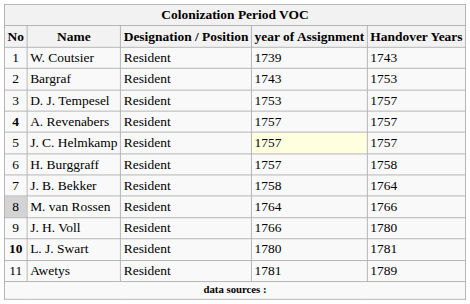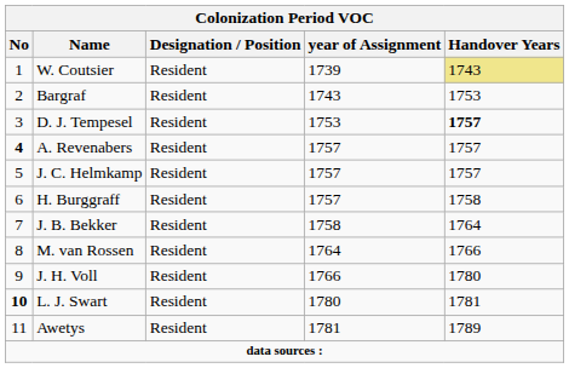 <table class="wikitable">
 <tr>
 <th colspan="5">Colonization Period VOC</th>
 </tr>
 <tr>
 <th>No</th>
 <th>Name</th>
 <th>Designation / Position</th>
 <th>year of Assignment</th>
 <th>Handover Years</th>
 </tr>
 <tr>
 <td style="text-align:center;">1</td>
 <td>W. Coutsier</td>
 <td>Resident</td>
 <td>1739</td>
-<td>1743</td>
+<td style="background: khaki;">1743</td>
 </tr>
 <tr>
 <td style="text-align:center;">2</td>
 <td>Bargraf</td>
 <td>Resident</td>
 <td>1743</td>
 <td>1753</td>
 </tr>
 <tr>
 <td style="text-align:center;">3</td>
 <td>D. J. Tempesel</td>
 <td>Resident</td>
 <td>1753</td>
-<td>1757</td>
+<td><strong>1757</strong></td>
 </tr>
 <tr>
 <td style="text-align:center;"><strong>4</strong></td>
 <td>A. Revenabers</td>
 <td>Resident</td>
 <td>1757</td>
 <td>1757</td>
 </tr>
 <tr>
 <td style="text-align:center;">5</td>
 <td>J. C. Helmkamp</td>
 <td>Resident</td>
-<td style="background: lightyellow;">1757</td>
+<td>1757</td>
 <td>1757</td>
 </tr>
 <tr>
 <td style="text-align:center;">6</td>
 <td>H. Burggraff</td>
 <td>Resident</td>
 <td>1757</td>
 <td>1758</td>
 </tr>
 <tr>
 <td style="text-align:center;">7</td>
 <td>J. B. Bekker</td>
 <td>Resident</td>
 <td>1758</td>
 <td>1764</td>
 </tr>
 <tr>
-<td style="background: lightgrey; text-align:center;">8</td>
+<td style="text-align:center;">8</td>
 <td>M. van Rossen</td>
 <td>Resident</td>
 <td>1764</td>
 <td>1766</td>
 </tr>
 <tr>
 <td style="text-align:center;">9</td>
 <td>J. H. Voll</td>
 <td>Resident</td>
 <td>1766</td>
 <td>1780</td>
 </tr>
 <tr>
 <td style="text-align:center;"><strong>10</strong></td>
 <td>L. J. Swart</td>
 <td>Resident</td>
 <td>1780</td>
 <td>1781</td>
 </tr>
 <tr>
 <td style="text-align:center;">11</td>
 <td>Awetys</td>
 <td>Resident</td>
 <td>1781</td>
 <td>1789</td>
 </tr>
 <tr>
 <td colspan="5" style="text-align:center;font-size:80%;"><strong>data sources :</strong> </td>
 </tr>
 </table>
